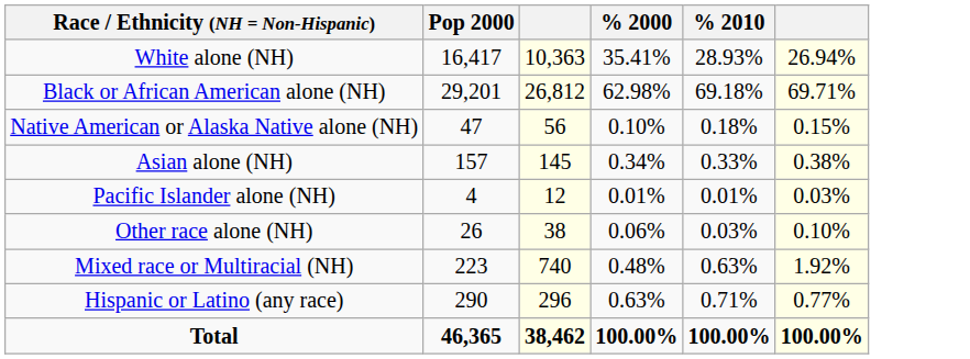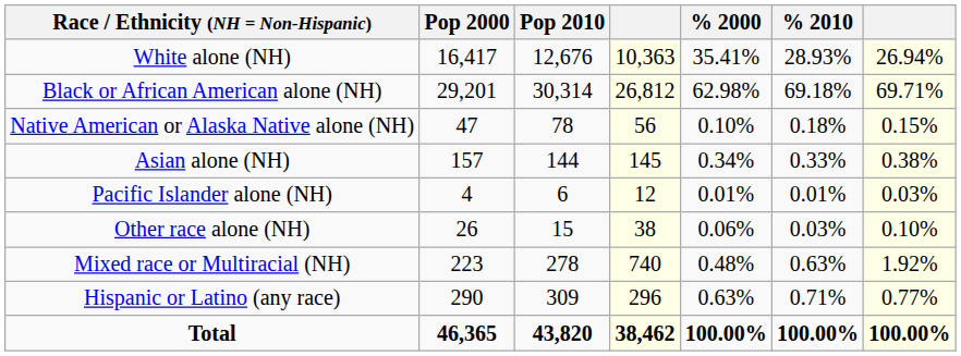 <table class="wikitable" style="text-align:center;">
 <tr>
 <th>Race / Ethnicity <small>(<em>NH = Non-Hispanic</em>)</small></th>
 <th>Pop 2000</th>
+<th>Pop 2010</th>
 <th></th>
 <th>% 2000</th>
 <th>% 2010</th>
 <th></th>
 </tr>
 <tr>
 <td><a href='#'>White</a> alone (NH)</td>
 <td>16,417</td>
+<td>12,676</td>
 <td style='background: #ffffe6;'>10,363</td>
 <td>35.41%</td>
 <td>28.93%</td>
 <td style='background: #ffffe6;'>26.94%</td>
 </tr>
 <tr>
 <td><a href='#'>Black or African American</a> alone (NH)</td>
 <td>29,201</td>
+<td>30,314</td>
 <td style='background: #ffffe6;'>26,812</td>
 <td>62.98%</td>
 <td>69.18%</td>
 <td style='background: #ffffe6;'>69.71%</td>
 </tr>
 <tr>
 <td><a href='#'>Native American</a> or <a href='#'>Alaska Native</a> alone (NH)</td>
 <td>47</td>
+<td>78</td>
 <td style='background: #ffffe6;'>56</td>
 <td>0.10%</td>
 <td>0.18%</td>
 <td style='background: #ffffe6;'>0.15%</td>
 </tr>
 <tr>
 <td><a href='#'>Asian</a> alone (NH)</td>
 <td>157</td>
+<td>144</td>
 <td style='background: #ffffe6;'>145</td>
 <td>0.34%</td>
 <td>0.33%</td>
 <td style='background: #ffffe6;'>0.38%</td>
 </tr>
 <tr>
 <td><a href='#'>Pacific Islander</a> alone (NH)</td>
 <td>4</td>
+<td>6</td>
 <td style='background: #ffffe6;'>12</td>
 <td>0.01%</td>
 <td>0.01%</td>
 <td style='background: #ffffe6;'>0.03%</td>
 </tr>
 <tr>
 <td><a href='#'>Other race</a> alone (NH)</td>
 <td>26</td>
+<td>15</td>
 <td style='background: #ffffe6;'>38</td>
 <td>0.06%</td>
 <td>0.03%</td>
 <td style='background: #ffffe6;'>0.10%</td>
 </tr>
 <tr>
 <td><a href='#'>Mixed race or Multiracial</a> (NH)</td>
 <td>223</td>
+<td>278</td>
 <td style='background: #ffffe6;'>740</td>
 <td>0.48%</td>
 <td>0.63%</td>
 <td style='background: #ffffe6;'>1.92%</td>
 </tr>
 <tr>
 <td><a href='#'>Hispanic or Latino</a> (any race)</td>
 <td>290</td>
+<td>309</td>
 <td style='background: #ffffe6;'>296</td>
 <td>0.63%</td>
 <td>0.71%</td>
 <td style='background: #ffffe6;'>0.77%</td>
 </tr>
 <tr>
 <td><strong>Total</strong></td>
 <td><strong>46,365</strong></td>
+<td><strong>43,820</strong></td>
 <td style='background: #ffffe6;'><strong>38,462</strong></td>
 <td><strong>100.00%</strong></td>
 <td><strong>100.00%</strong></td>
 <td style='background: #ffffe6;'><strong>100.00%</strong></td>
 </tr>
 </table>
